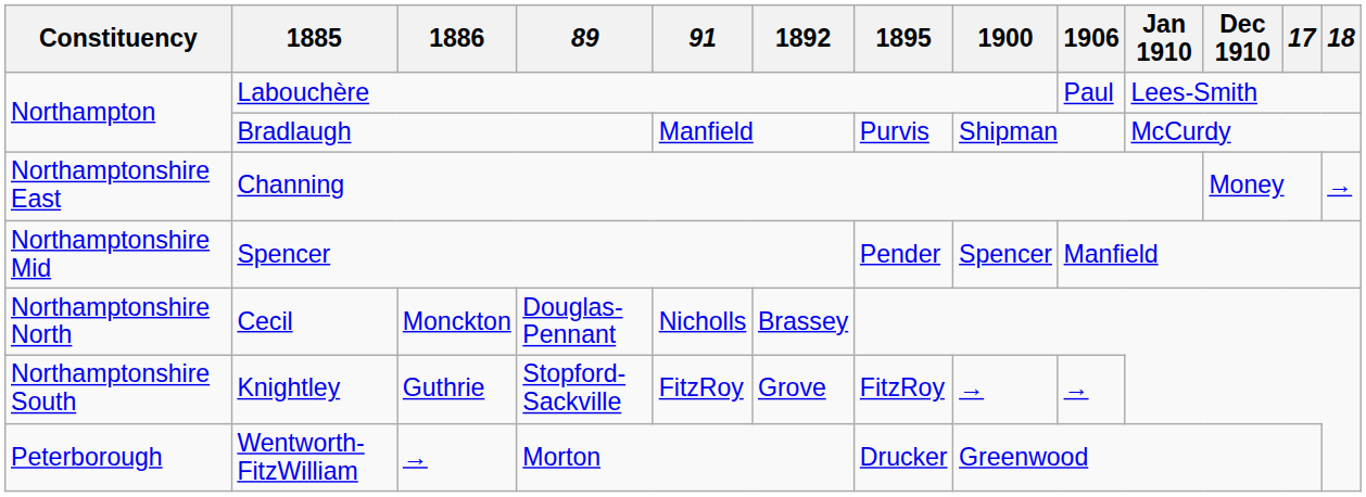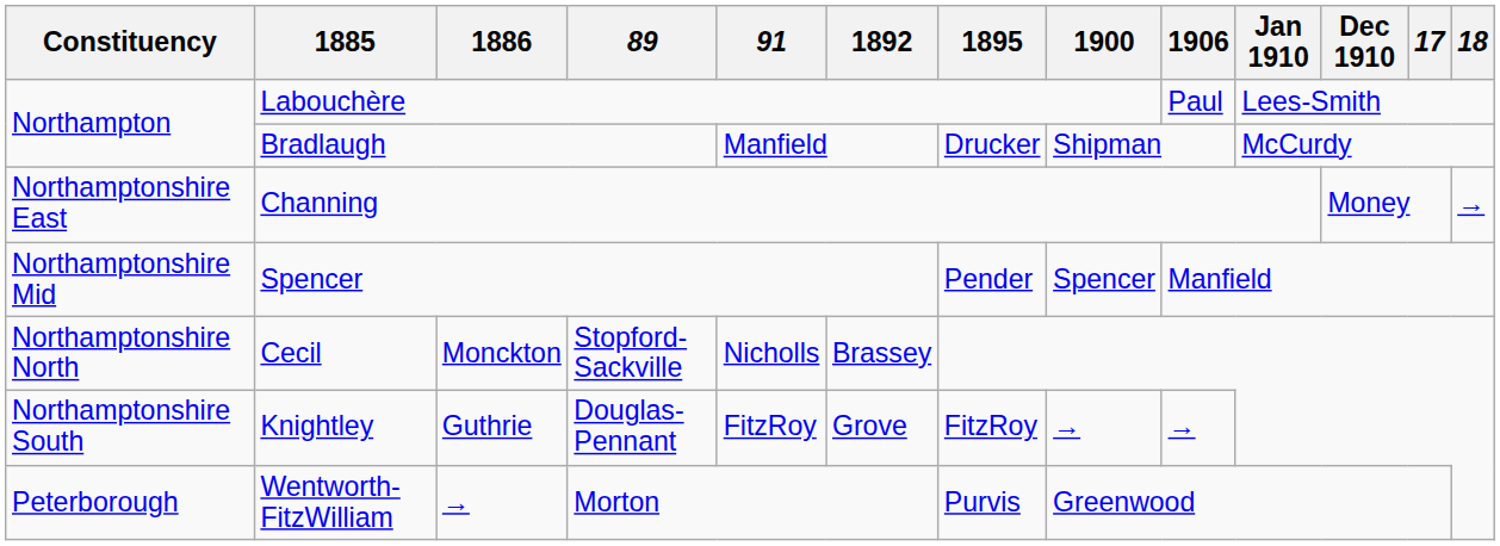 <table class="wikitable">
 <tr>
 <th>Constituency</th>
 <th>1885</th>
 <th>1886</th>
 <th><em>89</em></th>
 <th><em>91</em></th>
 <th>1892</th>
 <th>1895</th>
 <th>1900</th>
 <th>1906</th>
 <th>Jan 1910</th>
 <th>Dec 1910</th>
 <th><em>17</em></th>
 <th><em>18</em></th>
 </tr>
 <tr>
 <td rowspan="2"><a href='#'>Northampton</a></td>
 <td colspan="7"><a href='#'>Labouchère</a></td>
 <td><a href='#'>Paul</a></td>
 <td colspan="4"><a href='#'>Lees-Smith</a></td>
 </tr>
 <tr>
 <td colspan="3"><a href='#'>Bradlaugh</a></td>
 <td colspan="2"><a href='#'>Manfield</a></td>
-<td><a href='#'>Purvis</a></td>
+<td><a href='#'>Drucker</a></td>
 <td colspan="2"><a href='#'>Shipman</a></td>
 <td colspan="4"><a href='#'>McCurdy</a></td>
 </tr>
 <tr>
 <td><a href='#'>Northamptonshire East</a></td>
 <td colspan="9"><a href='#'>Channing</a></td>
 <td colspan="2"><a href='#'>Money</a></td>
 <td><a href='#'>→</a></td>
 </tr>
 <tr>
 <td><a href='#'>Northamptonshire Mid</a></td>
 <td colspan="5"><a href='#'>Spencer</a></td>
 <td><a href='#'>Pender</a></td>
 <td><a href='#'>Spencer</a></td>
 <td colspan="5"><a href='#'>Manfield</a></td>
 </tr>
 <tr>
 <td><a href='#'>Northamptonshire North</a></td>
 <td><a href='#'>Cecil</a></td>
 <td><a href='#'>Monckton</a></td>
-<td><a href='#'>Douglas-Pennant</a></td>
+<td><a href='#'>Stopford-Sackville</a></td>
 <td><a href='#'>Nicholls</a></td>
 <td><a href='#'>Brassey</a></td>
 </tr>
 <tr>
 <td><a href='#'>Northamptonshire South</a></td>
 <td><a href='#'>Knightley</a></td>
 <td><a href='#'>Guthrie</a></td>
-<td><a href='#'>Stopford-Sackville</a></td>
+<td><a href='#'>Douglas-Pennant</a></td>
 <td><a href='#'>FitzRoy</a></td>
 <td><a href='#'>Grove</a></td>
 <td><a href='#'>FitzRoy</a></td>
 <td><a href='#'>→</a></td>
 <td><a href='#'>→</a></td>
 </tr>
 <tr>
 <td><a href='#'>Peterborough</a></td>
 <td><a href='#'>Wentworth-FitzWilliam</a></td>
 <td><a href='#'>→</a></td>
 <td colspan="3"><a href='#'>Morton</a></td>
-<td><a href='#'>Drucker</a></td>
+<td><a href='#'>Purvis</a></td>
 <td colspan="5"><a href='#'>Greenwood</a></td>
 </tr>
 </table>
